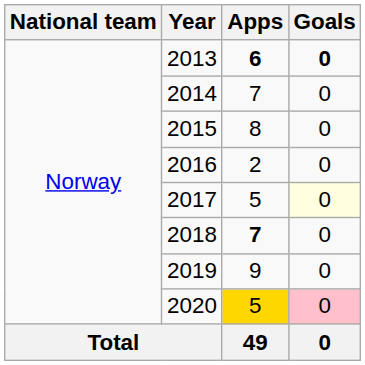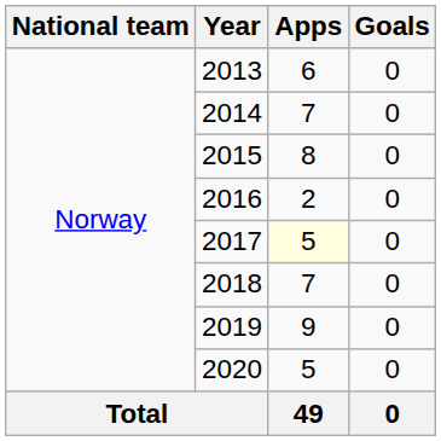 <table class="wikitable" style="text-align:center">
 <tr>
 <th>National team</th>
 <th>Year</th>
 <th>Apps</th>
 <th>Goals</th>
 </tr>
 <tr>
 <td rowspan="8"><a href='#'>Norway</a></td>
 <td>2013</td>
-<td><strong>6</strong></td>
-<td><strong>0</strong></td>
+<td>6</td>
+<td>0</td>
 </tr>
 <tr>
 <td>2014</td>
 <td>7</td>
 <td>0</td>
 </tr>
 <tr>
 <td>2015</td>
 <td>8</td>
 <td>0</td>
 </tr>
 <tr>
 <td>2016</td>
 <td>2</td>
 <td>0</td>
 </tr>
 <tr>
 <td>2017</td>
-<td>5</td>
-<td style="background: lightyellow;">0</td>
+<td style="background: lightyellow;">5</td>
+<td>0</td>
 </tr>
 <tr>
 <td>2018</td>
-<td><strong>7</strong></td>
+<td>7</td>
 <td>0</td>
 </tr>
 <tr>
 <td>2019</td>
 <td>9</td>
 <td>0</td>
 </tr>
 <tr>
 <td>2020</td>
-<td style="background: gold;">5</td>
-<td style="background: pink;">0</td>
+<td>5</td>
+<td>0</td>
 </tr>
 <tr>
 <th colspan="2">Total</th>
 <th>49</th>
 <th>0</th>
 </tr>
 </table>
